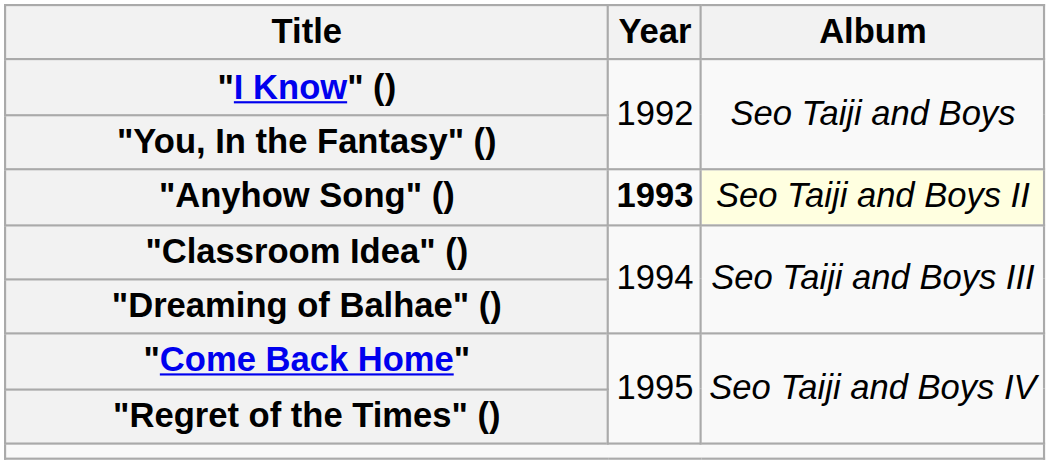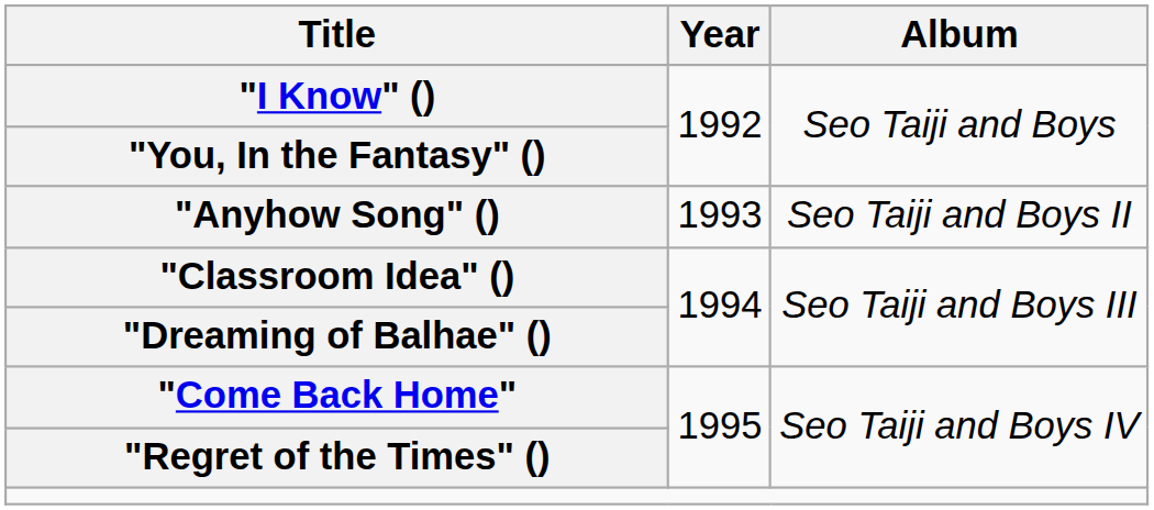 <table class="wikitable plainrowheaders" style="text-align:center;">
 <tr>
 <th style="width:17em;">Title</th>
 <th>Year</th>
 <th>Album</th>
 </tr>
 <tr>
 <th scope="row">"<a href='#'>I Know</a>" ()</th>
 <td rowspan="2">1992</td>
 <td rowspan="2"><em>Seo Taiji and Boys</em></td>
 </tr>
 <tr>
 <th scope="row">"You, In the Fantasy" ()</th>
 </tr>
 <tr>
 <th scope="row">"Anyhow Song" ()</th>
-<td><strong>1993</strong></td>
-<td style="background: lightyellow;"><em>Seo Taiji and Boys II</em></td>
+<td>1993</td>
+<td><em>Seo Taiji and Boys II</em></td>
 </tr>
 <tr>
 <th scope="row">"Classroom Idea" ()</th>
 <td rowspan="2">1994</td>
 <td rowspan="2"><em>Seo Taiji and Boys III</em></td>
 </tr>
 <tr>
 <th scope="row">"Dreaming of Balhae" ()</th>
 </tr>
 <tr>
 <th scope="row">"<a href='#'>Come Back Home</a>"</th>
 <td rowspan="2">1995</td>
 <td rowspan="2"><em>Seo Taiji and Boys IV</em></td>
 </tr>
 <tr>
 <th scope="row">"Regret of the Times" ()</th>
 </tr>
 <tr>
 <td colspan="4"></td>
 </tr>
 </table>
